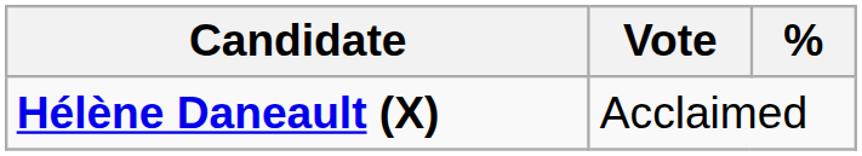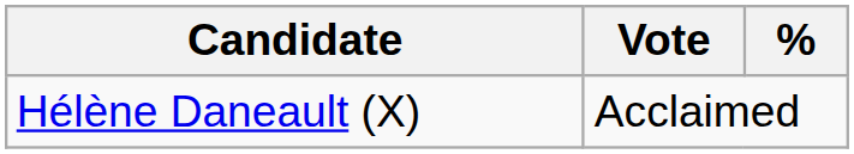 <table class="wikitable">
 <tr>
 <th bgcolor="#DDDDFF" width="200px">Candidate</th>
 <th bgcolor="#DDDDFF" width="50px">Vote</th>
 <th bgcolor="#DDDDFF" width="30px">%</th>
 </tr>
 <tr>
-<td><strong><a href='#'>Hélène Daneault</a> (X)</strong></td>
+<td><a href='#'>Hélène Daneault</a> (X)</td>
 <td colspan="2">Acclaimed</td>
 </tr>
 </table>
